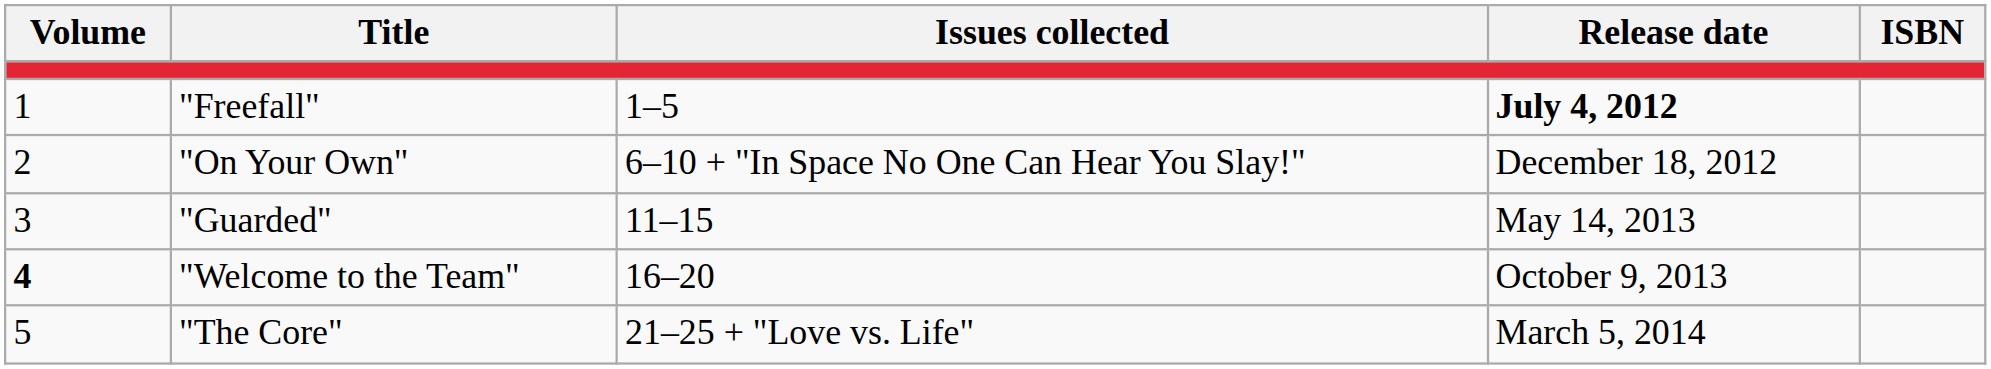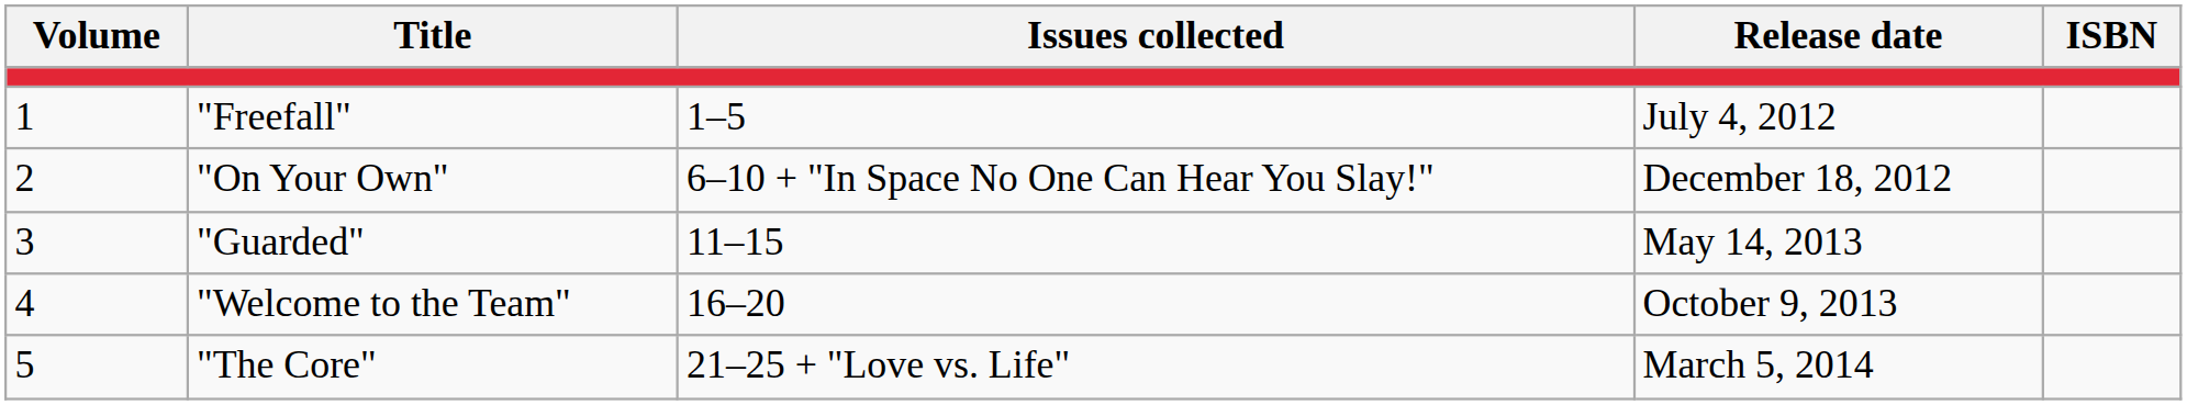 <table class="wikitable" style="width:70%">
 <tr>
 <th>Volume</th>
 <th>Title</th>
 <th>Issues collected</th>
 <th>Release date</th>
 <th>ISBN</th>
 </tr>
 <tr>
 <td colspan="6" style="background:#e32636;"></td>
 </tr>
 <tr>
 <td>1</td>
 <td>"Freefall"</td>
 <td>1–5</td>
-<td><strong>July 4, 2012</strong></td>
+<td>July 4, 2012</td>
 <td></td>
 </tr>
 <tr>
 <td>2</td>
 <td>"On Your Own"</td>
 <td>6–10 +  "In Space No One Can Hear You Slay!"</td>
 <td>December 18, 2012</td>
 <td></td>
 </tr>
 <tr>
 <td>3</td>
 <td>"Guarded"</td>
 <td>11–15</td>
 <td>May 14, 2013</td>
 <td></td>
 </tr>
 <tr>
-<td><strong>4</strong></td>
+<td>4</td>
 <td>"Welcome to the Team"</td>
 <td>16–20</td>
 <td>October 9, 2013</td>
 <td></td>
 </tr>
 <tr>
 <td>5</td>
 <td>"The Core"</td>
 <td>21–25 + "Love vs. Life"</td>
 <td>March 5, 2014</td>
 <td></td>
 </tr>
 </table>
